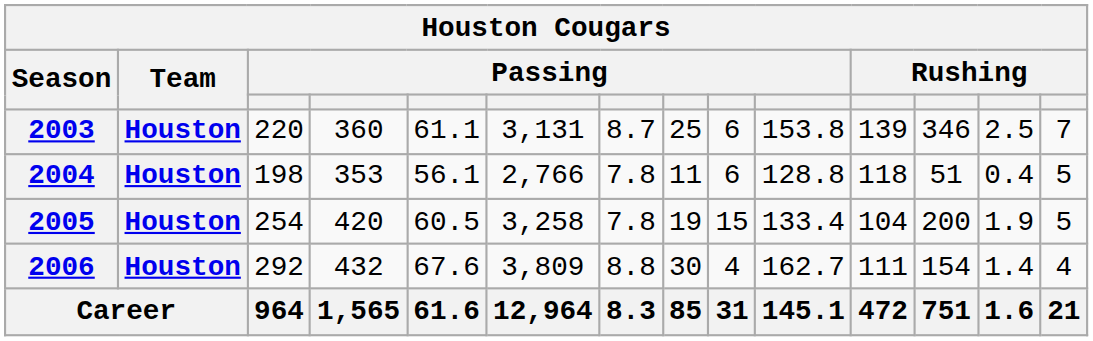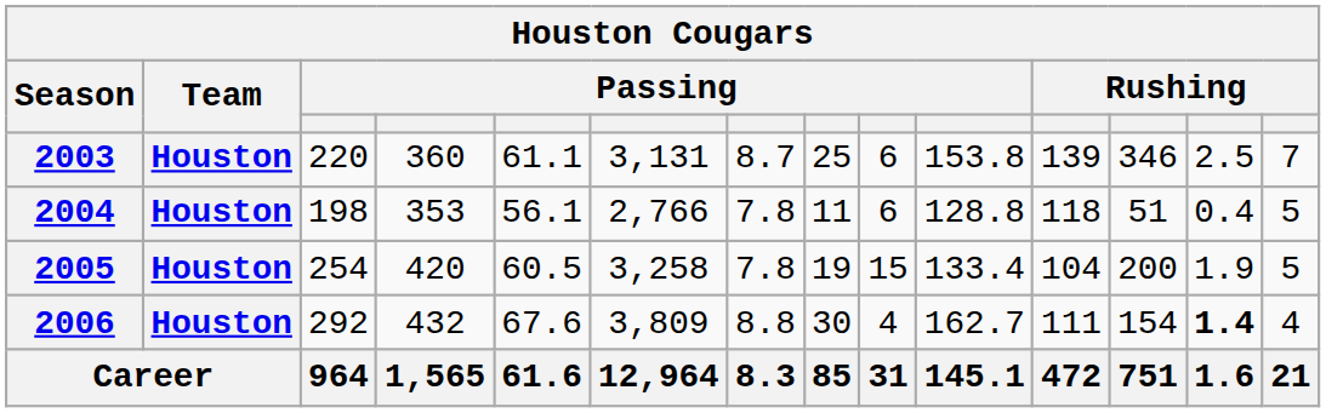 <table class="wikitable" style="text-align:center;">
 <tr>
 <th colspan="16">Houston Cougars</th>
 </tr>
 <tr>
 <th rowspan="2">Season</th>
 <th rowspan="2">Team</th>
 <th colspan="8">Passing</th>
 <th colspan="4">Rushing</th>
 </tr>
 <tr>
 <th></th>
 <th></th>
 <th></th>
 <th></th>
 <th></th>
 <th></th>
 <th></th>
 <th></th>
 <th></th>
 <th></th>
 <th></th>
 <th></th>
 </tr>
 <tr>
 <th><a href='#'>2003</a></th>
 <th><a href='#'>Houston</a></th>
 <td>220</td>
 <td>360</td>
 <td>61.1</td>
 <td>3,131</td>
 <td>8.7</td>
 <td>25</td>
 <td>6</td>
 <td>153.8</td>
 <td>139</td>
 <td>346</td>
 <td>2.5</td>
 <td>7</td>
 </tr>
 <tr>
 <th><a href='#'>2004</a></th>
 <th><a href='#'>Houston</a></th>
 <td>198</td>
 <td>353</td>
 <td>56.1</td>
 <td>2,766</td>
 <td>7.8</td>
 <td>11</td>
 <td>6</td>
 <td>128.8</td>
 <td>118</td>
 <td>51</td>
 <td>0.4</td>
 <td>5</td>
 </tr>
 <tr>
 <th><a href='#'>2005</a></th>
 <th><a href='#'>Houston</a></th>
 <td>254</td>
 <td>420</td>
 <td>60.5</td>
 <td>3,258</td>
 <td>7.8</td>
 <td>19</td>
 <td>15</td>
 <td>133.4</td>
 <td>104</td>
 <td>200</td>
 <td>1.9</td>
 <td>5</td>
 </tr>
 <tr>
 <th><a href='#'>2006</a></th>
 <th><a href='#'>Houston</a></th>
 <td>292</td>
 <td>432</td>
 <td>67.6</td>
 <td>3,809</td>
 <td>8.8</td>
 <td>30</td>
 <td>4</td>
 <td>162.7</td>
 <td>111</td>
 <td>154</td>
-<td>1.4</td>
+<td><strong>1.4</strong></td>
 <td>4</td>
 </tr>
 <tr>
 <th colspan="2">Career</th>
 <th>964</th>
 <th>1,565</th>
 <th>61.6</th>
 <th>12,964</th>
 <th>8.3</th>
 <th>85</th>
 <th>31</th>
 <th>145.1</th>
 <th>472</th>
 <th>751</th>
 <th>1.6</th>
 <th>21</th>
 </tr>
 </table>
